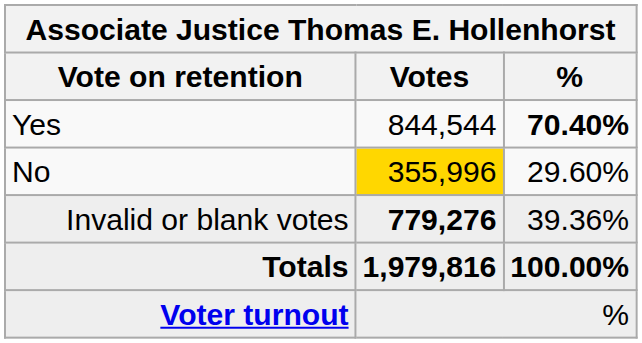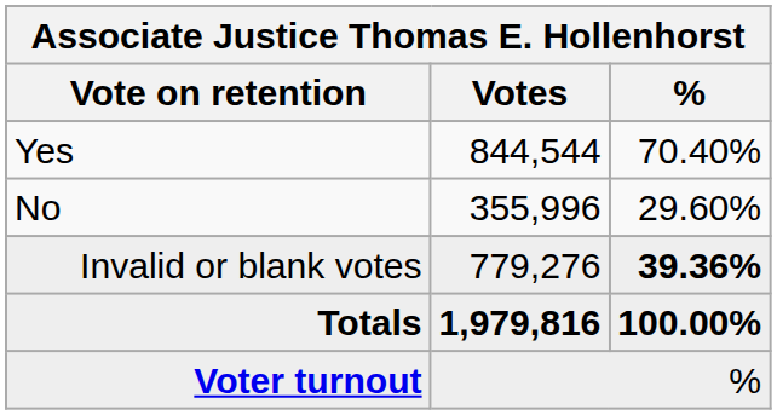 <table class="wikitable" style="font-size: 95%;">
 <tr style="background-color:#E9E9E9">
 <th colspan=7>Associate Justice Thomas E. Hollenhorst</th>
 </tr>
 <tr style="background-color:#E9E9E9">
 <th style="width: 170px">Vote on retention</th>
 <th style="width: 50px">Votes</th>
 <th style="width: 40px">%</th>
 </tr>
 <tr>
 <td>Yes</td>
 <td align="right">844,544</td>
-<td align="right"><strong>70.40%</strong></td>
+<td align="right">70.40%</td>
 </tr>
 <tr>
 <td>No</td>
-<td align="right" style="background: gold;">355,996</td>
+<td align="right">355,996</td>
 <td align="right">29.60%</td>
 </tr>
 <tr bgcolor="#EEEEEE">
 <td align="right">Invalid or blank votes</td>
-<td align="right"><strong>779,276</strong></td>
-<td align="right">39.36%</td>
+<td align="right">779,276</td>
+<td align="right"><strong>39.36%</strong></td>
 </tr>
 <tr bgcolor="#EEEEEE">
 <td align="right"><strong>Totals</strong></td>
 <td align="right"><strong>1,979,816</strong></td>
 <td align="right"><strong>100.00%</strong></td>
 </tr>
 <tr bgcolor="#EEEEEE">
 <td align="right"><strong><a href='#'>Voter turnout</a></strong></td>
 <td colspan="2" align="right">%</td>
 </tr>
 </table>
